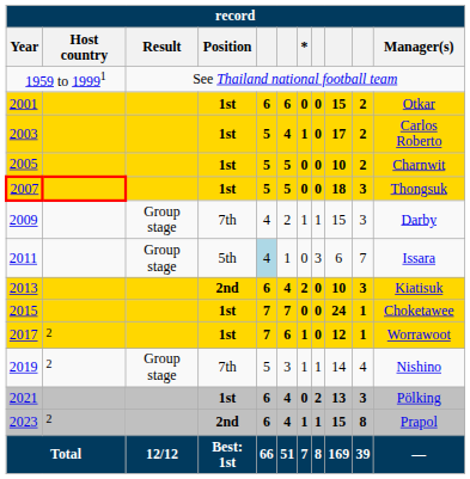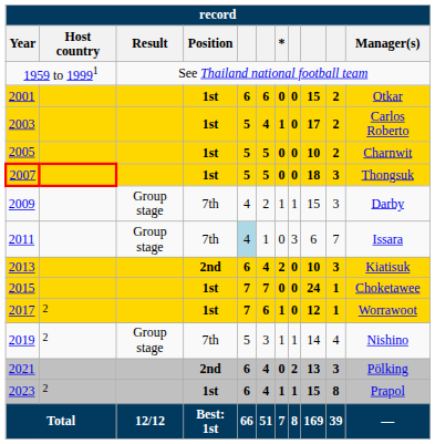 <table class="wikitable" style="text-align: center; width: 520px">
 <tr>
 <th colspan="11" style="background: #013A5E; color: #FFFFFF;"><a href='#'></a> record</th>
 </tr>
 <tr>
 <th>Year</th>
 <th>Host country</th>
 <th>Result</th>
 <th>Position</th>
 <th></th>
 <th></th>
 <th>*</th>
 <th></th>
 <th></th>
 <th></th>
 <th>Manager(s)</th>
 </tr>
 <tr>
 <td colspan="2"><a href='#'>1959</a> to <a href='#'>1999</a><sup>1</sup></td>
 <td colspan="9" style="text-align:center">See <em><a href='#'>Thailand national football team</a></em></td>
 </tr>
 <tr style="background:gold">
 <td style="text-align: left"><a href='#'>2001</a></td>
 <td style="text-align: left"></td>
 <td></td>
 <td><strong>1st</strong></td>
 <td><strong>6</strong></td>
 <td><strong>6</strong></td>
 <td><strong>0</strong></td>
 <td><strong>0</strong></td>
 <td><strong>15</strong></td>
 <td><strong>2</strong></td>
 <td><a href='#'>Otkar</a></td>
 </tr>
 <tr style="background:gold">
 <td style="text-align: left"><a href='#'>2003</a></td>
 <td style="text-align: left"></td>
 <td></td>
 <td><strong>1st</strong></td>
 <td><strong>5</strong></td>
 <td><strong>4</strong></td>
 <td><strong>1</strong></td>
 <td><strong>0</strong></td>
 <td><strong>17</strong></td>
 <td><strong>2</strong></td>
 <td><a href='#'>Carlos Roberto</a></td>
 </tr>
 <tr style="background:gold">
 <td style="text-align: left"><a href='#'>2005</a></td>
 <td style="text-align: left"></td>
 <td></td>
 <td><strong>1st</strong></td>
 <td><strong>5</strong></td>
 <td><strong>5</strong></td>
 <td><strong>0</strong></td>
 <td><strong>0</strong></td>
 <td><strong>10</strong></td>
 <td><strong>2</strong></td>
 <td><a href='#'>Charnwit</a></td>
 </tr>
 <tr style="background:gold">
 <td style="text-align: left; border: 3px solid red"><a href='#'>2007</a></td>
 <td style="text-align: left; border: 3px solid red"></td>
 <td></td>
 <td><strong>1st</strong></td>
 <td><strong>5</strong></td>
 <td><strong>5</strong></td>
 <td><strong>0</strong></td>
 <td><strong>0</strong></td>
 <td><strong>18</strong></td>
 <td><strong>3</strong></td>
 <td><a href='#'>Thongsuk</a></td>
 </tr>
 <tr>
 <td style="text-align: left"><a href='#'>2009</a></td>
 <td style="text-align: left"></td>
 <td>Group stage</td>
 <td>7th</td>
 <td>4</td>
 <td>2</td>
 <td>1</td>
 <td>1</td>
 <td>15</td>
 <td>3</td>
 <td><a href='#'>Darby</a></td>
 </tr>
 <tr>
 <td style="text-align: left"><a href='#'>2011</a></td>
 <td style="text-align: left"></td>
 <td>Group stage</td>
-<td>5th</td>
+<td>7th</td>
 <td style="background: lightblue;">4</td>
 <td>1</td>
 <td>0</td>
 <td>3</td>
 <td>6</td>
 <td>7</td>
 <td><a href='#'>Issara</a></td>
 </tr>
 <tr style="background:gold">
 <td style="text-align: left"><a href='#'>2013</a></td>
 <td style="text-align: left"></td>
 <td></td>
 <td><strong>2nd</strong></td>
 <td><strong>6</strong></td>
 <td><strong>4</strong></td>
 <td><strong>2</strong></td>
 <td><strong>0</strong></td>
 <td><strong>10</strong></td>
 <td><strong>3</strong></td>
 <td><a href='#'>Kiatisuk</a></td>
 </tr>
 <tr style="background:gold">
 <td style="text-align: left"><a href='#'>2015</a></td>
 <td style="text-align: left"></td>
 <td></td>
 <td><strong>1st</strong></td>
 <td><strong>7</strong></td>
 <td><strong>7</strong></td>
 <td><strong>0</strong></td>
 <td><strong>0</strong></td>
 <td><strong>24</strong></td>
 <td><strong>1</strong></td>
 <td><a href='#'>Choketawee</a></td>
 </tr>
 <tr style="background:gold">
 <td style="text-align: left"><a href='#'>2017</a></td>
 <td style="text-align: left"><sup>2</sup></td>
 <td></td>
 <td><strong>1st</strong></td>
 <td><strong>7</strong></td>
 <td><strong>6</strong></td>
 <td><strong>1</strong></td>
 <td><strong>0</strong></td>
 <td><strong>12</strong></td>
 <td><strong>1</strong></td>
 <td><a href='#'>Worrawoot</a></td>
 </tr>
 <tr style="background:">
 <td style="text-align: left"><a href='#'>2019</a></td>
 <td style="text-align: left"><sup>2</sup></td>
 <td>Group stage</td>
 <td>7th</td>
 <td>5</td>
 <td>3</td>
 <td>1</td>
 <td>1</td>
 <td>14</td>
 <td>4</td>
 <td><a href='#'>Nishino</a></td>
 </tr>
 <tr |- style="background:silver;">
 <td style="text-align: left"><a href='#'>2021</a></td>
 <td style="text-align: left"></td>
 <td></td>
-<td><strong>1st</strong></td>
+<td><strong>2nd</strong></td>
 <td><strong>6</strong></td>
 <td><strong>4</strong></td>
 <td><strong>0</strong></td>
 <td><strong>2</strong></td>
 <td><strong>13</strong></td>
 <td><strong>3</strong></td>
 <td><a href='#'>Pölking</a></td>
 </tr>
 <tr |- style="background:silver;">
 <td style="text-align: left"><a href='#'>2023</a></td>
 <td style="text-align: left"><sup>2</sup></td>
 <td></td>
-<td><strong>2nd</strong></td>
+<td><strong>1st</strong></td>
 <td><strong>6</strong></td>
 <td><strong>4</strong></td>
 <td><strong>1</strong></td>
 <td><strong>1</strong></td>
 <td><strong>15</strong></td>
 <td><strong>8</strong></td>
 <td><a href='#'>Prapol</a></td>
 </tr>
 <tr style="background: #013A5E; color: #FFFFFF;">
 <td colspan="2"><strong>Total</strong></td>
 <td><strong>12/12</strong></td>
 <td><strong>Best: 1st</strong></td>
 <td><strong>66</strong></td>
 <td><strong>51</strong></td>
 <td><strong>7</strong></td>
 <td><strong>8</strong></td>
 <td><strong>169</strong></td>
 <td><strong>39</strong></td>
 <td><strong>—</strong></td>
 </tr>
 </table>
